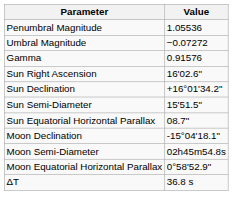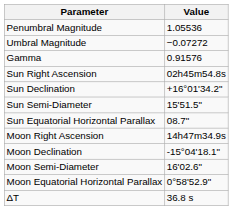 <table class="wikitable">
 <tr>
 <th>Parameter</th>
 <th>Value</th>
 </tr>
 <tr>
 <td>Penumbral Magnitude</td>
 <td>1.05536</td>
 </tr>
 <tr>
 <td>Umbral Magnitude</td>
 <td>−0.07272</td>
 </tr>
 <tr>
 <td>Gamma</td>
 <td>0.91576</td>
 </tr>
 <tr>
 <td>Sun Right Ascension</td>
-<td>16'02.6"</td>
+<td>02h45m54.8s</td>
 </tr>
 <tr>
 <td>Sun Declination</td>
 <td>+16°01'34.2"</td>
 </tr>
 <tr>
 <td>Sun Semi-Diameter</td>
 <td>15'51.5"</td>
 </tr>
 <tr>
 <td>Sun Equatorial Horizontal Parallax</td>
 <td>08.7"</td>
 </tr>
 <tr>
+<td>Moon Right Ascension</td>
+<td>14h47m34.9s</td>
+</tr>
+<tr>
 <td>Moon Declination</td>
 <td>-15°04'18.1"</td>
 </tr>
 <tr>
 <td>Moon Semi-Diameter</td>
-<td>02h45m54.8s</td>
+<td>16'02.6"</td>
 </tr>
 <tr>
 <td>Moon Equatorial Horizontal Parallax</td>
 <td>0°58'52.9"</td>
 </tr>
 <tr>
 <td>ΔT</td>
 <td>36.8 s</td>
 </tr>
 </table>
